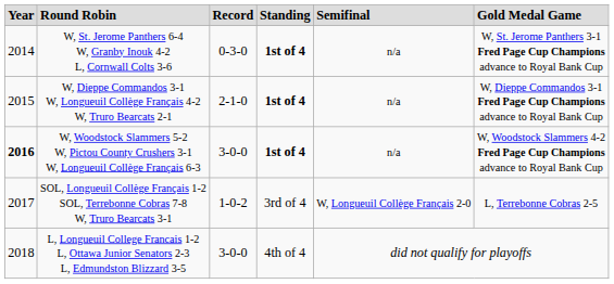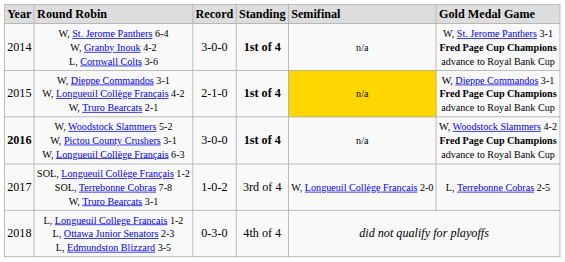 <table class="wikitable">
 <tr style="font-weight:bold; background-color:#dddddd;" |>
 <td>Year</td>
 <td>Round Robin</td>
 <td>Record</td>
 <td>Standing</td>
 <td>Semifinal</td>
 <td>Gold Medal Game</td>
 </tr>
 <tr align=center>
 <td>2014</td>
 <td><small>W, <a href='#'>St. Jerome Panthers</a> 6-4<br>W, <a href='#'>Granby Inouk</a> 4-2<br>L, <a href='#'>Cornwall Colts</a> 3-6</small></td>
-<td>0-3-0</td>
+<td>3-0-0</td>
 <td><strong>1st of 4</strong></td>
 <td><small>n/a</small></td>
 <td><small>W, <a href='#'>St. Jerome Panthers</a> 3-1<br><strong>Fred Page Cup Champions</strong><br>advance to Royal Bank Cup</small></td>
 </tr>
 <tr align=center>
 <td>2015</td>
 <td><small>W, <a href='#'>Dieppe Commandos</a> 3-1<br>W, <a href='#'>Longueuil Collège Français</a> 4-2<br>W, <a href='#'>Truro Bearcats</a> 2-1</small></td>
 <td>2-1-0</td>
 <td><strong>1st of 4</strong></td>
-<td><small>n/a</small></td>
+<td style="background: gold;"><small>n/a</small></td>
 <td><small>W, <a href='#'>Dieppe Commandos</a> 3-1<br><strong>Fred Page Cup Champions</strong><br>advance to Royal Bank Cup</small></td>
 </tr>
 <tr align=center>
 <td><strong>2016</strong></td>
 <td><small>W, <a href='#'>Woodstock Slammers</a> 5-2<br>W, <a href='#'>Pictou County Crushers</a> 3-1<br>W, <a href='#'>Longueuil Collège Français</a> 6-3</small></td>
 <td>3-0-0</td>
 <td><strong>1st of 4</strong></td>
 <td><small>n/a</small></td>
 <td><small>W, <a href='#'>Woodstock Slammers</a> 4-2<br><strong>Fred Page Cup Champions</strong><br>advance to Royal Bank Cup</small></td>
 </tr>
 <tr align=center>
 <td>2017</td>
 <td><small>SOL, <a href='#'>Longueuil Collège Français</a> 1-2<br>SOL, <a href='#'>Terrebonne Cobras</a> 7-8<br>W, <a href='#'>Truro Bearcats</a> 3-1</small></td>
 <td>1-0-2</td>
 <td>3rd of 4</td>
 <td><small> W, <a href='#'>Longueuil Collège Français</a> 2-0</small></td>
 <td><small> L, <a href='#'>Terrebonne Cobras</a> 2-5 </small></td>
 </tr>
 <tr align=center>
 <td>2018</td>
 <td><small>L, <a href='#'>Longueuil College Francais</a> 1-2<br>L, <a href='#'>Ottawa Junior Senators</a> 2-3<br>L, <a href='#'>Edmundston Blizzard</a> 3-5</small></td>
-<td>3-0-0</td>
+<td>0-3-0</td>
 <td>4th of 4</td>
 <td colspan=2><em>did not qualify for playoffs</em></td>
 </tr>
 </table>
